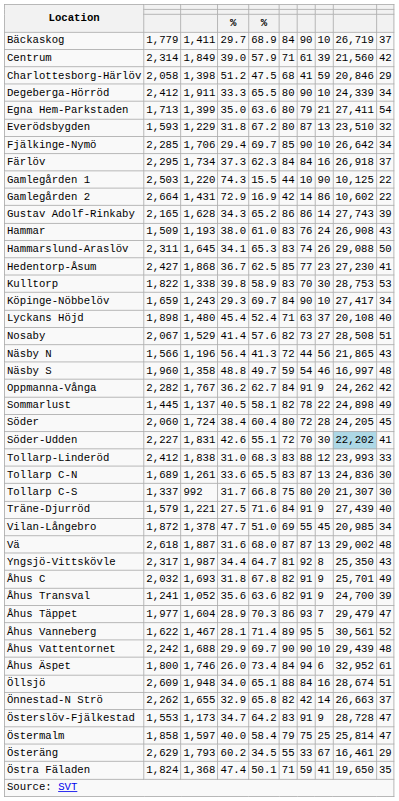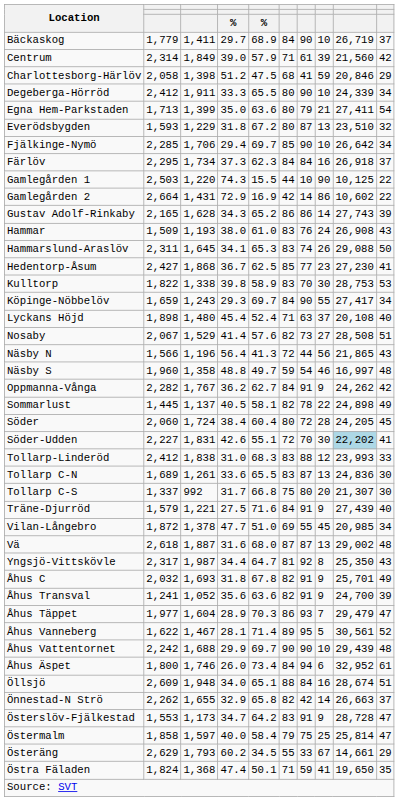 <table role="presentation" class="wikitable sortable mw-collapsible mw-collapsed">
 <tr>
 <th rowspan="3">Location</th>
 <th></th>
 <th></th>
 <th></th>
 <th></th>
 <th></th>
 <th></th>
 <th></th>
 <th></th>
 <th></th>
 </tr>
 <tr>
 <th></th>
 <th></th>
 <th style="background:"></th>
 <th style="background:"></th>
 <th></th>
 <th></th>
 <th></th>
 <th></th>
 <th></th>
 </tr>
 <tr>
 <th data-sort-type="number"></th>
 <th data-sort-type="number"></th>
 <th data-sort-type="number">%</th>
 <th data-sort-type="number">%</th>
 <th data-sort-type="number"></th>
 <th data-sort-type="number"></th>
 <th data-sort-type="number"></th>
 <th data-sort-type="number"></th>
 <th data-sort-type="number"></th>
 </tr>
 <tr>
 <td align="left">Bäckaskog</td>
 <td>1,779</td>
 <td>1,411</td>
 <td>29.7</td>
 <td>68.9</td>
 <td>84</td>
 <td>90</td>
 <td>10</td>
 <td>26,719</td>
 <td>37</td>
 </tr>
 <tr>
 <td align="left">Centrum</td>
 <td>2,314</td>
 <td>1,849</td>
 <td>39.0</td>
 <td>57.9</td>
 <td>71</td>
 <td>61</td>
 <td>39</td>
 <td>21,560</td>
 <td>42</td>
 </tr>
 <tr>
 <td align="left">Charlottesborg-Härlöv</td>
 <td>2,058</td>
 <td>1,398</td>
 <td>51.2</td>
 <td>47.5</td>
 <td>68</td>
 <td>41</td>
 <td>59</td>
 <td>20,846</td>
 <td>29</td>
 </tr>
 <tr>
 <td align="left">Degeberga-Hörröd</td>
 <td>2,412</td>
 <td>1,911</td>
 <td>33.3</td>
 <td>65.5</td>
 <td>80</td>
 <td>90</td>
 <td>10</td>
 <td>24,339</td>
 <td>34</td>
 </tr>
 <tr>
 <td align="left">Egna Hem-Parkstaden</td>
 <td>1,713</td>
 <td>1,399</td>
 <td>35.0</td>
 <td>63.6</td>
 <td>80</td>
 <td>79</td>
 <td>21</td>
 <td>27,411</td>
 <td>54</td>
 </tr>
 <tr>
 <td align="left">Everödsbygden</td>
 <td>1,593</td>
 <td>1,229</td>
 <td>31.8</td>
 <td>67.2</td>
 <td>80</td>
 <td>87</td>
 <td>13</td>
 <td>23,510</td>
 <td>32</td>
 </tr>
 <tr>
 <td align="left">Fjälkinge-Nymö</td>
 <td>2,285</td>
 <td>1,706</td>
 <td>29.4</td>
 <td>69.7</td>
 <td>85</td>
 <td>90</td>
 <td>10</td>
 <td>26,642</td>
 <td>34</td>
 </tr>
 <tr>
 <td align="left">Färlöv</td>
 <td>2,295</td>
 <td>1,734</td>
 <td>37.3</td>
 <td>62.3</td>
 <td>84</td>
 <td>84</td>
 <td>16</td>
 <td>26,918</td>
 <td>37</td>
 </tr>
 <tr>
 <td align="left">Gamlegården 1</td>
 <td>2,503</td>
 <td>1,220</td>
 <td>74.3</td>
 <td>15.5</td>
 <td>44</td>
 <td>10</td>
 <td>90</td>
 <td>10,125</td>
 <td>22</td>
 </tr>
 <tr>
 <td align="left">Gamlegården 2</td>
 <td>2,664</td>
 <td>1,431</td>
 <td>72.9</td>
 <td>16.9</td>
 <td>42</td>
 <td>14</td>
 <td>86</td>
 <td>10,602</td>
 <td>22</td>
 </tr>
 <tr>
 <td align="left">Gustav Adolf-Rinkaby</td>
 <td>2,165</td>
 <td>1,628</td>
 <td>34.3</td>
 <td>65.2</td>
 <td>86</td>
 <td>86</td>
 <td>14</td>
 <td>27,743</td>
 <td>39</td>
 </tr>
 <tr>
 <td align="left">Hammar</td>
 <td>1,509</td>
 <td>1,193</td>
 <td>38.0</td>
 <td>61.0</td>
 <td>83</td>
 <td>76</td>
 <td>24</td>
 <td>26,908</td>
 <td>43</td>
 </tr>
 <tr>
 <td align="left">Hammarslund-Araslöv</td>
 <td>2,311</td>
 <td>1,645</td>
 <td>34.1</td>
 <td>65.3</td>
 <td>83</td>
 <td>74</td>
 <td>26</td>
 <td>29,088</td>
 <td>50</td>
 </tr>
 <tr>
 <td align="left">Hedentorp-Åsum</td>
 <td>2,427</td>
 <td>1,868</td>
 <td>36.7</td>
 <td>62.5</td>
 <td>85</td>
 <td>77</td>
 <td>23</td>
 <td>27,230</td>
 <td>41</td>
 </tr>
 <tr>
 <td align="left">Kulltorp</td>
 <td>1,822</td>
 <td>1,338</td>
 <td>39.8</td>
 <td>58.9</td>
 <td>83</td>
 <td>70</td>
 <td>30</td>
 <td>28,753</td>
 <td>53</td>
 </tr>
 <tr>
 <td align="left">Köpinge-Nöbbelöv</td>
 <td>1,659</td>
 <td>1,243</td>
 <td>29.3</td>
 <td>69.7</td>
 <td>84</td>
 <td>90</td>
-<td>10</td>
+<td>55</td>
 <td>27,417</td>
 <td>34</td>
 </tr>
 <tr>
 <td align="left">Lyckans Höjd</td>
 <td>1,898</td>
 <td>1,480</td>
 <td>45.4</td>
 <td>52.4</td>
 <td>71</td>
 <td>63</td>
 <td>37</td>
 <td>20,108</td>
 <td>40</td>
 </tr>
 <tr>
 <td align="left">Nosaby</td>
 <td>2,067</td>
 <td>1,529</td>
 <td>41.4</td>
 <td>57.6</td>
 <td>82</td>
 <td>73</td>
 <td>27</td>
 <td>28,508</td>
 <td>51</td>
 </tr>
 <tr>
 <td align="left">Näsby N</td>
 <td>1,566</td>
 <td>1,196</td>
 <td>56.4</td>
 <td>41.3</td>
 <td>72</td>
 <td>44</td>
 <td>56</td>
 <td>21,865</td>
 <td>43</td>
 </tr>
 <tr>
 <td align="left">Näsby S</td>
 <td>1,960</td>
 <td>1,358</td>
 <td>48.8</td>
 <td>49.7</td>
 <td>59</td>
 <td>54</td>
 <td>46</td>
 <td>16,997</td>
 <td>48</td>
 </tr>
 <tr>
 <td align="left">Oppmanna-Vånga</td>
 <td>2,282</td>
 <td>1,767</td>
 <td>36.2</td>
 <td>62.7</td>
 <td>84</td>
 <td>91</td>
 <td>9</td>
 <td>24,262</td>
 <td>42</td>
 </tr>
 <tr>
 <td align="left">Sommarlust</td>
 <td>1,445</td>
 <td>1,137</td>
 <td>40.5</td>
 <td>58.1</td>
 <td>82</td>
 <td>78</td>
 <td>22</td>
 <td>24,898</td>
 <td>49</td>
 </tr>
 <tr>
 <td align="left">Söder</td>
 <td>2,060</td>
 <td>1,724</td>
 <td>38.4</td>
 <td>60.4</td>
 <td>80</td>
 <td>72</td>
 <td>28</td>
 <td>24,205</td>
 <td>45</td>
 </tr>
 <tr>
 <td align="left">Söder-Udden</td>
 <td>2,227</td>
 <td>1,831</td>
 <td>42.6</td>
 <td>55.1</td>
 <td>72</td>
 <td>70</td>
 <td>30</td>
 <td style="background: lightblue;">22,202</td>
 <td>41</td>
 </tr>
 <tr>
 <td align="left">Tollarp-Linderöd</td>
 <td>2,412</td>
 <td>1,838</td>
 <td>31.0</td>
 <td>68.3</td>
 <td>83</td>
 <td>88</td>
 <td>12</td>
 <td>23,993</td>
 <td>33</td>
 </tr>
 <tr>
 <td align="left">Tollarp C-N</td>
 <td>1,689</td>
 <td>1,261</td>
 <td>33.6</td>
 <td>65.5</td>
 <td>83</td>
 <td>87</td>
 <td>13</td>
 <td>24,836</td>
 <td>30</td>
 </tr>
 <tr>
 <td align="left">Tollarp C-S</td>
 <td>1,337</td>
 <td>992</td>
 <td>31.7</td>
 <td>66.8</td>
 <td>75</td>
 <td>80</td>
 <td>20</td>
 <td>21,307</td>
 <td>30</td>
 </tr>
 <tr>
 <td align="left">Träne-Djurröd</td>
 <td>1,579</td>
 <td>1,221</td>
 <td>27.5</td>
 <td>71.6</td>
 <td>84</td>
 <td>91</td>
 <td>9</td>
 <td>27,439</td>
 <td>40</td>
 </tr>
 <tr>
 <td align="left">Vilan-Långebro</td>
 <td>1,872</td>
 <td>1,378</td>
 <td>47.7</td>
 <td>51.0</td>
 <td>69</td>
 <td>55</td>
 <td>45</td>
 <td>20,985</td>
 <td>34</td>
 </tr>
 <tr>
 <td align="left">Vä</td>
 <td>2,618</td>
 <td>1,887</td>
 <td>31.6</td>
 <td>68.0</td>
 <td>87</td>
 <td>87</td>
 <td>13</td>
 <td>29,002</td>
 <td>48</td>
 </tr>
 <tr>
 <td align="left">Yngsjö-Vittskövle</td>
 <td>2,317</td>
 <td>1,987</td>
 <td>34.4</td>
 <td>64.7</td>
 <td>81</td>
 <td>92</td>
 <td>8</td>
 <td>25,350</td>
 <td>43</td>
 </tr>
 <tr>
 <td align="left">Åhus C</td>
 <td>2,032</td>
 <td>1,693</td>
 <td>31.8</td>
 <td>67.8</td>
 <td>82</td>
 <td>91</td>
 <td>9</td>
 <td>25,701</td>
 <td>49</td>
 </tr>
 <tr>
 <td align="left">Åhus Transval</td>
 <td>1,241</td>
 <td>1,052</td>
 <td>35.6</td>
 <td>63.6</td>
 <td>82</td>
 <td>91</td>
 <td>9</td>
 <td>24,700</td>
 <td>39</td>
 </tr>
 <tr>
 <td align="left">Åhus Täppet</td>
 <td>1,977</td>
 <td>1,604</td>
 <td>28.9</td>
 <td>70.3</td>
 <td>86</td>
 <td>93</td>
 <td>7</td>
 <td>29,479</td>
 <td>47</td>
 </tr>
 <tr>
 <td align="left">Åhus Vanneberg</td>
 <td>1,622</td>
 <td>1,467</td>
 <td>28.1</td>
 <td>71.4</td>
 <td>89</td>
 <td>95</td>
 <td>5</td>
 <td>30,561</td>
 <td>52</td>
 </tr>
 <tr>
 <td align="left">Åhus Vattentornet</td>
 <td>2,242</td>
 <td>1,688</td>
 <td>29.9</td>
 <td>69.7</td>
 <td>90</td>
 <td>90</td>
 <td>10</td>
 <td>29,439</td>
 <td>48</td>
 </tr>
 <tr>
 <td align="left">Åhus Äspet</td>
 <td>1,800</td>
 <td>1,746</td>
 <td>26.0</td>
 <td>73.4</td>
 <td>84</td>
 <td>94</td>
 <td>6</td>
 <td>32,952</td>
 <td>61</td>
 </tr>
 <tr>
 <td align="left">Öllsjö</td>
 <td>2,609</td>
 <td>1,948</td>
 <td>34.0</td>
 <td>65.1</td>
 <td>88</td>
 <td>84</td>
 <td>16</td>
 <td>28,674</td>
 <td>51</td>
 </tr>
 <tr>
 <td align="left">Önnestad-N Strö</td>
 <td>2,262</td>
 <td>1,655</td>
 <td>32.9</td>
 <td>65.8</td>
 <td>82</td>
 <td>42</td>
 <td>14</td>
 <td>26,663</td>
 <td>37</td>
 </tr>
 <tr>
 <td align="left">Österslöv-Fjälkestad</td>
 <td>1,553</td>
 <td>1,173</td>
 <td>34.7</td>
 <td>64.2</td>
 <td>83</td>
 <td>91</td>
 <td>9</td>
 <td>28,728</td>
 <td>47</td>
 </tr>
 <tr>
 <td align="left">Östermalm</td>
 <td>1,858</td>
 <td>1,597</td>
 <td>40.0</td>
 <td>58.4</td>
 <td>79</td>
 <td>75</td>
 <td>25</td>
 <td>25,814</td>
 <td>47</td>
 </tr>
 <tr>
 <td align="left">Österäng</td>
 <td>2,629</td>
 <td>1,793</td>
 <td>60.2</td>
 <td>34.5</td>
 <td>55</td>
 <td>33</td>
 <td>67</td>
-<td>16,461</td>
+<td>14,661</td>
 <td>29</td>
 </tr>
 <tr>
 <td align="left">Östra Fäladen</td>
 <td>1,824</td>
 <td>1,368</td>
 <td>47.4</td>
 <td>50.1</td>
 <td>71</td>
 <td>59</td>
 <td>41</td>
 <td>19,650</td>
 <td>35</td>
 </tr>
 <tr>
 <td colspan="10" align="left">Source: <a href='#'>SVT</a></td>
 </tr>
 </table>
